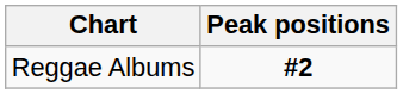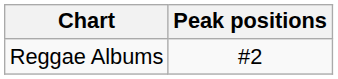 <table class="wikitable">
 <tr>
 <th><strong>Chart</strong></th>
 <th><strong>Peak positions</strong></th>
 </tr>
 <tr>
 <td>Reggae Albums</td>
-<td align="center"><strong>#2</strong></td>
+<td align="center">#2</td>
 </tr>
 </table>
